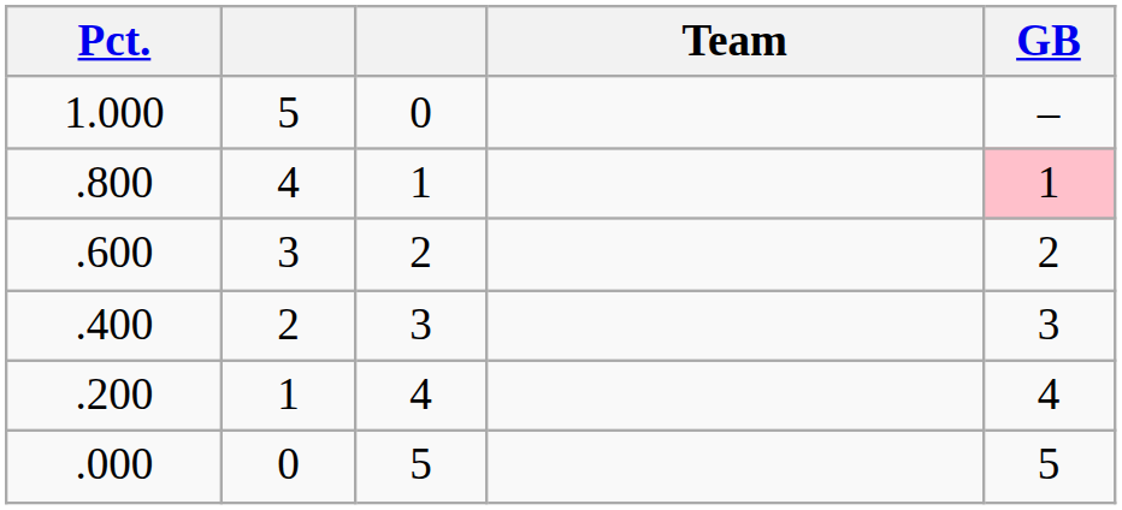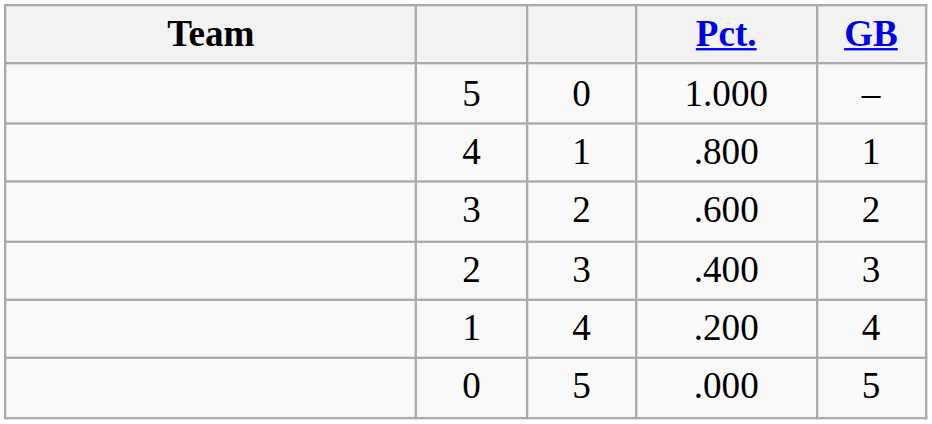 <table class="wikitable" style="text-align:center;">
 <tr>
-<th width=70px><a href='#'>Pct.</a></th>
+<th width=170px>Team</th>
 <th width=40px></th>
 <th width=40px></th>
-<th width=170px>Team</th>
+<th width=70px><a href='#'>Pct.</a></th>
 <th width=40px><a href='#'>GB</a></th>
 </tr>
 <tr>
-<td>1.000</td>
+<td align=left></td>
 <td>5</td>
 <td>0</td>
-<td align=left></td>
+<td>1.000</td>
 <td>–</td>
 </tr>
 <tr>
-<td>.800</td>
+<td align=left></td>
 <td>4</td>
 <td>1</td>
-<td align=left></td>
-<td style="background: pink;">1</td>
+<td>.800</td>
+<td>1</td>
 </tr>
 <tr>
-<td>.600</td>
+<td align=left></td>
 <td>3</td>
 <td>2</td>
-<td align=left></td>
+<td>.600</td>
 <td>2</td>
 </tr>
 <tr>
-<td>.400</td>
+<td align=left></td>
 <td>2</td>
 <td>3</td>
-<td align=left></td>
+<td>.400</td>
 <td>3</td>
 </tr>
 <tr>
-<td>.200</td>
+<td align=left></td>
 <td>1</td>
 <td>4</td>
-<td align=left></td>
+<td>.200</td>
 <td>4</td>
 </tr>
 <tr>
-<td>.000</td>
+<td align=left></td>
 <td>0</td>
 <td>5</td>
-<td align=left></td>
+<td>.000</td>
 <td>5</td>
 </tr>
 </table>
